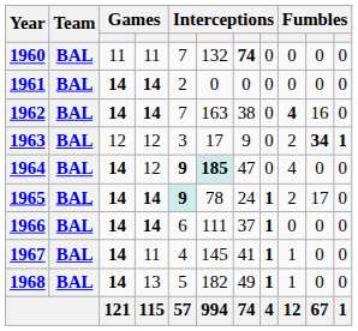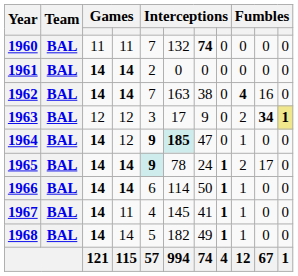 <table class="wikitable" style="text-align: center;">
 <tr>
 <th rowspan="2">Year</th>
 <th rowspan="2">Team</th>
 <th colspan="2">Games</th>
 <th colspan="4">Interceptions</th>
 <th colspan="3">Fumbles</th>
 </tr>
 <tr>
 <th></th>
 <th></th>
 <th></th>
 <th></th>
 <th></th>
 <th></th>
 <th></th>
 <th></th>
 <th></th>
 </tr>
 <tr>
 <th><a href='#'>1960</a></th>
 <th><a href='#'>BAL</a></th>
 <td>11</td>
 <td>11</td>
 <td>7</td>
 <td>132</td>
 <td><strong>74</strong></td>
 <td>0</td>
 <td>0</td>
 <td>0</td>
 <td>0</td>
 </tr>
 <tr>
 <th><a href='#'>1961</a></th>
 <th><a href='#'>BAL</a></th>
 <td><strong>14</strong></td>
 <td><strong>14</strong></td>
 <td>2</td>
 <td>0</td>
 <td>0</td>
 <td>0</td>
 <td>0</td>
 <td>0</td>
 <td>0</td>
 </tr>
 <tr>
 <th><a href='#'>1962</a></th>
 <th><a href='#'>BAL</a></th>
 <td><strong>14</strong></td>
 <td><strong>14</strong></td>
 <td>7</td>
 <td>163</td>
 <td>38</td>
 <td>0</td>
 <td><strong>4</strong></td>
 <td>16</td>
 <td>0</td>
 </tr>
 <tr>
 <th><a href='#'>1963</a></th>
 <th><a href='#'>BAL</a></th>
 <td>12</td>
 <td>12</td>
 <td>3</td>
 <td>17</td>
 <td>9</td>
 <td>0</td>
 <td>2</td>
 <td><strong>34</strong></td>
-<td><strong>1</strong></td>
+<td style="background: khaki;"><strong>1</strong></td>
 </tr>
 <tr>
 <th><a href='#'>1964</a></th>
 <th><a href='#'>BAL</a></th>
 <td><strong>14</strong></td>
 <td>12</td>
 <td><strong>9</strong></td>
 <td style="background:#cfecec"><strong>185</strong></td>
 <td>47</td>
 <td>0</td>
-<td>4</td>
+<td>1</td>
 <td>0</td>
 <td>0</td>
 </tr>
 <tr>
 <th><a href='#'>1965</a></th>
 <th><a href='#'>BAL</a></th>
 <td><strong>14</strong></td>
 <td><strong>14</strong></td>
 <td style="background:#cfecec"><strong>9</strong></td>
 <td>78</td>
 <td>24</td>
 <td><strong>1</strong></td>
 <td>2</td>
 <td>17</td>
 <td>0</td>
 </tr>
 <tr>
 <th><a href='#'>1966</a></th>
 <th><a href='#'>BAL</a></th>
 <td><strong>14</strong></td>
 <td><strong>14</strong></td>
 <td>6</td>
-<td>111</td>
-<td>37</td>
+<td>114</td>
+<td>50</td>
 <td><strong>1</strong></td>
-<td>0</td>
+<td>1</td>
 <td>0</td>
 <td>0</td>
 </tr>
 <tr>
 <th><a href='#'>1967</a></th>
 <th><a href='#'>BAL</a></th>
 <td><strong>14</strong></td>
 <td>11</td>
 <td>4</td>
 <td>145</td>
 <td>41</td>
 <td><strong>1</strong></td>
 <td>1</td>
 <td>0</td>
 <td>0</td>
 </tr>
 <tr>
 <th><a href='#'>1968</a></th>
 <th><a href='#'>BAL</a></th>
 <td><strong>14</strong></td>
-<td>13</td>
+<td>14</td>
 <td>5</td>
 <td>182</td>
 <td>49</td>
 <td><strong>1</strong></td>
 <td>1</td>
 <td>0</td>
 <td>0</td>
 </tr>
 <tr>
 <th colspan="2"></th>
 <th>121</th>
 <th>115</th>
 <th>57</th>
 <th>994</th>
 <th>74</th>
 <th>4</th>
 <th>12</th>
 <th>67</th>
 <th>1</th>
 </tr>
 </table>
